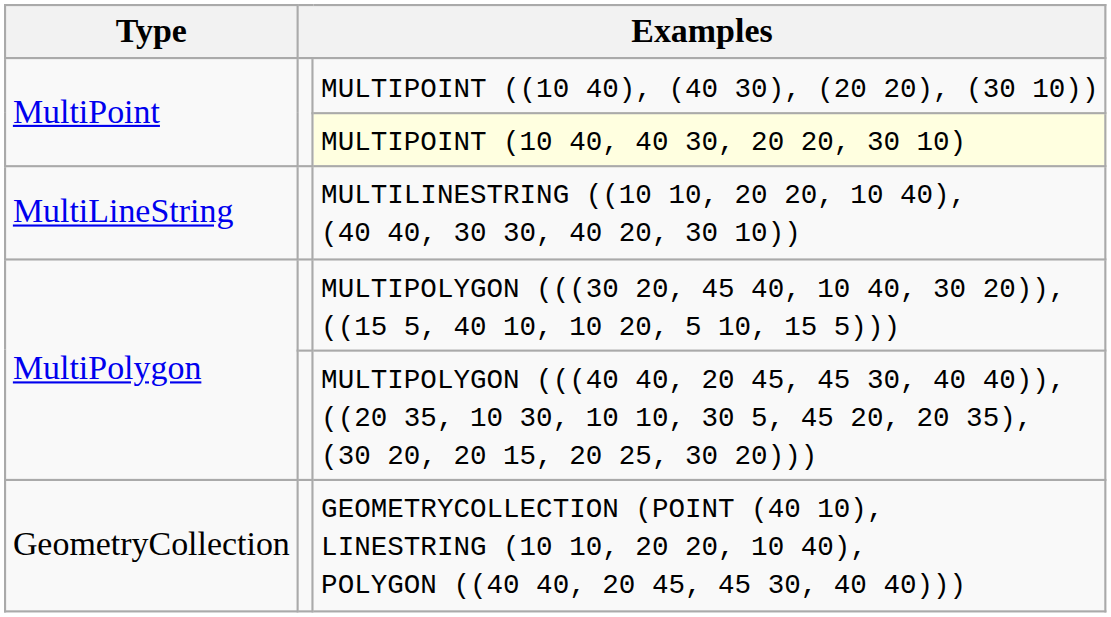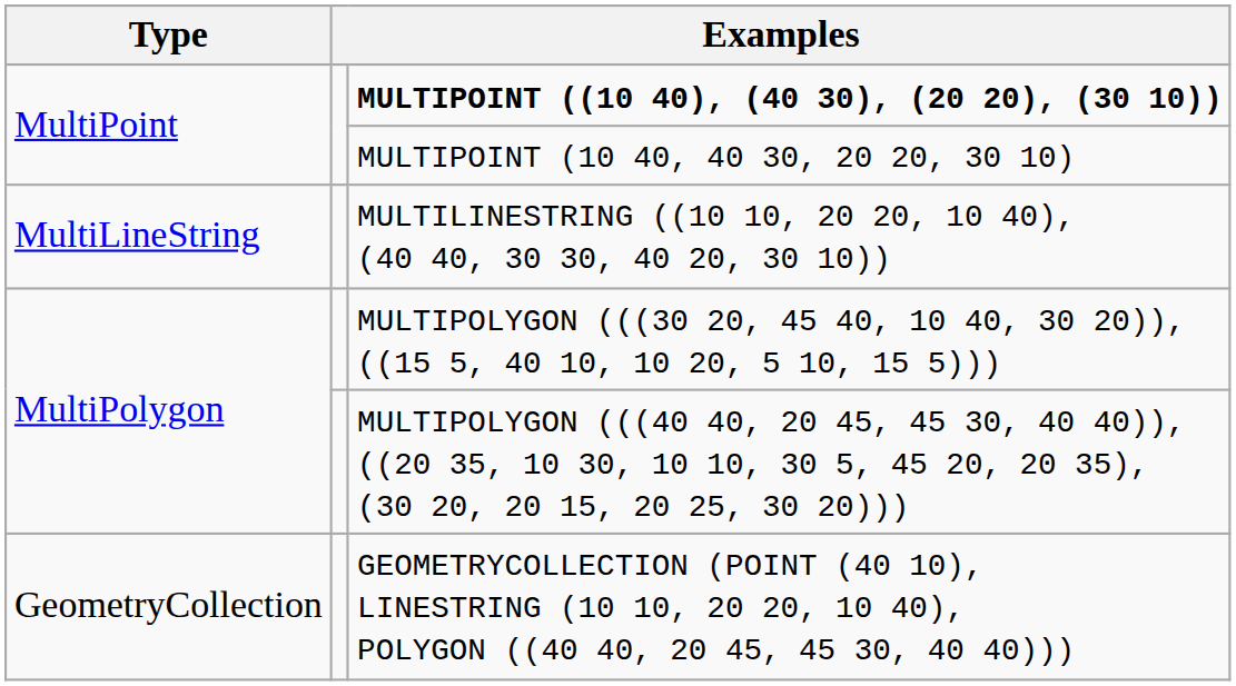 <table class="wikitable">
 <tr>
 <th>Type</th>
 <th colspan="2">Examples</th>
 </tr>
 <tr>
 <td rowspan="2"><a href='#'>MultiPoint</a></td>
 <td rowspan="2"></td>
-<td><code>MULTIPOINT ((10 40), (40 30), (20 20), (30 10))</code></td>
+<td><strong><code>MULTIPOINT ((10 40), (40 30), (20 20), (30 10))</code></strong></td>
 </tr>
 <tr>
-<td style="background: lightyellow;"><code>MULTIPOINT (10 40, 40 30, 20 20, 30 10)</code></td>
+<td><code>MULTIPOINT (10 40, 40 30, 20 20, 30 10)</code></td>
 </tr>
 <tr>
 <td><a href='#'>MultiLineString</a></td>
 <td></td>
 <td><code>MULTILINESTRING ((10 10, 20 20, 10 40),<br>   (40 40, 30 30, 40 20, 30 10))</code></td>
 </tr>
 <tr>
 <td rowspan="2"><a href='#'>MultiPolygon</a></td>
 <td></td>
 <td><code>MULTIPOLYGON (((30 20, 45 40, 10 40, 30 20)),<br>   ((15 5, 40 10, 10 20, 5 10, 15 5)))</code></td>
 </tr>
 <tr>
 <td></td>
 <td><code>MULTIPOLYGON (((40 40, 20 45, 45 30, 40 40)),<br>   ((20 35, 10 30, 10 10, 30 5, 45 20, 20 35),<br>     (30 20, 20 15, 20 25, 30 20)))</code></td>
 </tr>
 <tr>
 <td>GeometryCollection</td>
 <td></td>
 <td><code>GEOMETRYCOLLECTION (POINT (40 10), <br>  LINESTRING (10 10, 20 20, 10 40), <br>  POLYGON ((40 40, 20 45, 45 30, 40 40)))</code></td>
 </tr>
 </table>
